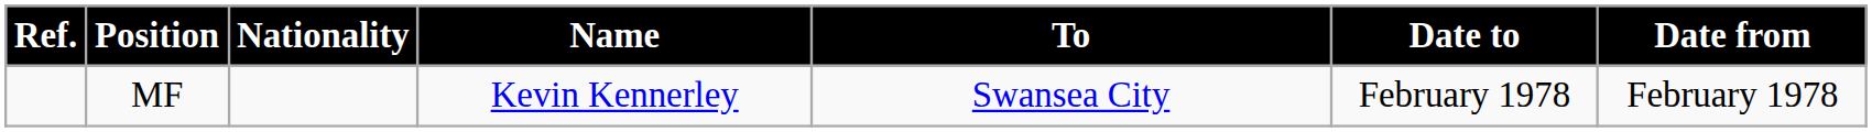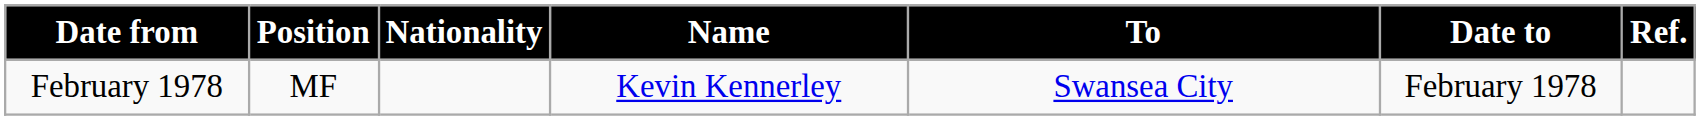 <table class="wikitable" style="text-align:center; font-size:90%; ">
 <tr>
-<th style="background:#000000; color:white; width:25px;">Ref.</th>
+<th style="background:#000000; color:white; width:100px;">Date from</th>
 <th style="background:#000000; color:white; width:50px;">Position</th>
 <th style="background:#000000; color:white; width:50px;">Nationality</th>
 <th style="background:#000000; color:white; width:150px;">Name</th>
 <th style="background:#000000; color:white; width:200px;">To</th>
 <th style="background:#000000; color:white; width:100px;">Date to</th>
-<th style="background:#000000; color:white; width:100px;">Date from</th>
+<th style="background:#000000; color:white; width:25px;">Ref.</th>
 </tr>
 <tr>
-<td></td>
+<td>February 1978</td>
 <td>MF</td>
 <td></td>
 <td><a href='#'>Kevin Kennerley</a></td>
 <td><a href='#'>Swansea City</a></td>
 <td>February 1978</td>
-<td>February 1978</td>
+<td></td>
 </tr>
 </table>
